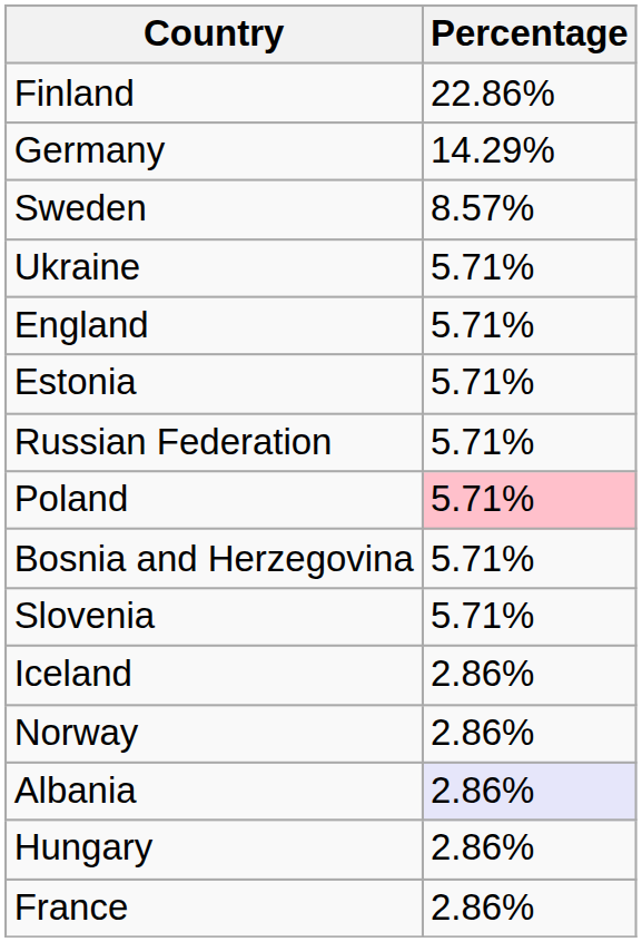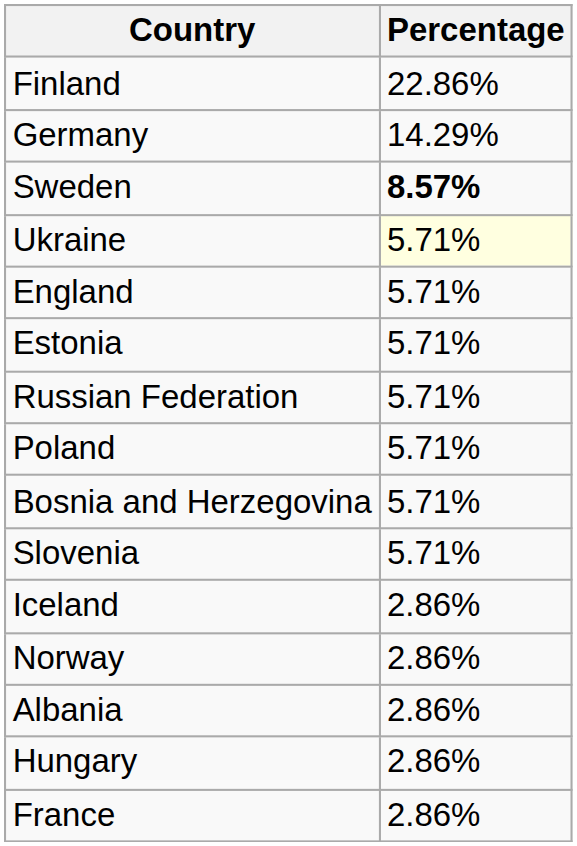 <table class="wikitable sortable">
 <tr>
 <th>Country</th>
 <th>Percentage</th>
 </tr>
 <tr>
 <td>Finland</td>
 <td>22.86%</td>
 </tr>
 <tr>
 <td>Germany</td>
 <td>14.29%</td>
 </tr>
 <tr>
 <td>Sweden</td>
-<td>8.57%</td>
+<td><strong>8.57%</strong></td>
 </tr>
 <tr>
 <td>Ukraine</td>
-<td>5.71%</td>
+<td style="background: lightyellow;">5.71%</td>
 </tr>
 <tr>
 <td>England</td>
 <td>5.71%</td>
 </tr>
 <tr>
 <td>Estonia</td>
 <td>5.71%</td>
 </tr>
 <tr>
 <td>Russian Federation</td>
 <td>5.71%</td>
 </tr>
 <tr>
 <td>Poland</td>
-<td style="background: pink;">5.71%</td>
+<td>5.71%</td>
 </tr>
 <tr>
 <td>Bosnia and Herzegovina</td>
 <td>5.71%</td>
 </tr>
 <tr>
 <td>Slovenia</td>
 <td>5.71%</td>
 </tr>
 <tr>
 <td>Iceland</td>
 <td>2.86%</td>
 </tr>
 <tr>
 <td>Norway</td>
 <td>2.86%</td>
 </tr>
 <tr>
 <td>Albania</td>
-<td style="background: lavender;">2.86%</td>
+<td>2.86%</td>
 </tr>
 <tr>
 <td>Hungary</td>
 <td>2.86%</td>
 </tr>
 <tr>
 <td>France</td>
 <td>2.86%</td>
 </tr>
 </table>
